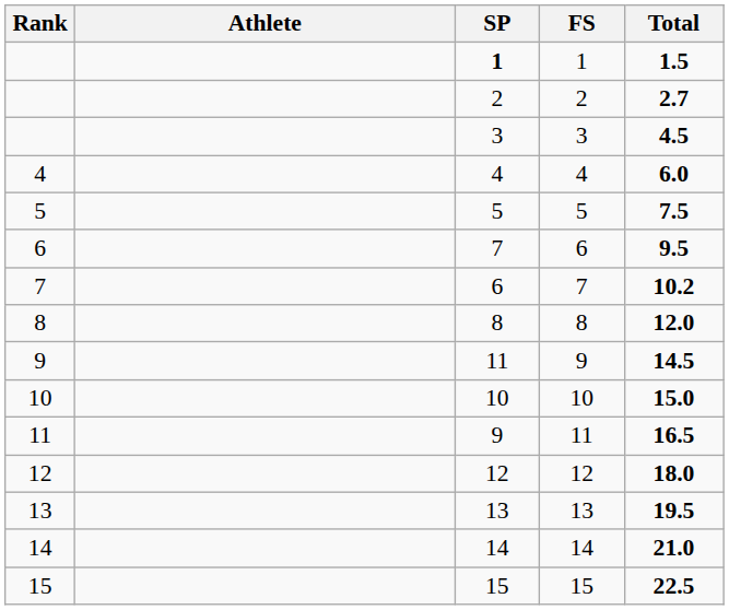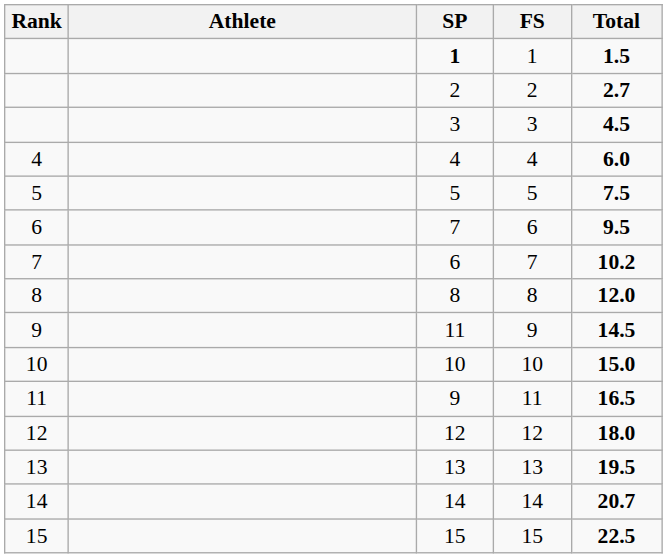 <table class=wikitable style="text-align:center">
 <tr>
 <th width=40>Rank</th>
 <th width=250>Athlete</th>
 <th width=50>SP</th>
 <th width=50>FS</th>
 <th width=60>Total</th>
 </tr>
 <tr>
 <td></td>
 <td align=left></td>
 <td><strong>1</strong></td>
 <td>1</td>
 <td><strong>1.5</strong></td>
 </tr>
 <tr>
 <td></td>
 <td align=left></td>
 <td>2</td>
 <td>2</td>
 <td><strong>2.7</strong></td>
 </tr>
 <tr>
 <td></td>
 <td align=left></td>
 <td>3</td>
 <td>3</td>
 <td><strong>4.5</strong></td>
 </tr>
 <tr>
 <td>4</td>
 <td align=left></td>
 <td>4</td>
 <td>4</td>
 <td><strong>6.0</strong></td>
 </tr>
 <tr>
 <td>5</td>
 <td align=left></td>
 <td>5</td>
 <td>5</td>
 <td><strong>7.5</strong></td>
 </tr>
 <tr>
 <td>6</td>
 <td align=left></td>
 <td>7</td>
 <td>6</td>
 <td><strong>9.5</strong></td>
 </tr>
 <tr>
 <td>7</td>
 <td align=left></td>
 <td>6</td>
 <td>7</td>
 <td><strong>10.2</strong></td>
 </tr>
 <tr>
 <td>8</td>
 <td align=left></td>
 <td>8</td>
 <td>8</td>
 <td><strong>12.0</strong></td>
 </tr>
 <tr>
 <td>9</td>
 <td align=left></td>
 <td>11</td>
 <td>9</td>
 <td><strong>14.5</strong></td>
 </tr>
 <tr>
 <td>10</td>
 <td align=left></td>
 <td>10</td>
 <td>10</td>
 <td><strong>15.0</strong></td>
 </tr>
 <tr>
 <td>11</td>
 <td align=left></td>
 <td>9</td>
 <td>11</td>
 <td><strong>16.5</strong></td>
 </tr>
 <tr>
 <td>12</td>
 <td align=left></td>
 <td>12</td>
 <td>12</td>
 <td><strong>18.0</strong></td>
 </tr>
 <tr>
 <td>13</td>
 <td align=left></td>
 <td>13</td>
 <td>13</td>
 <td><strong>19.5</strong></td>
 </tr>
 <tr>
 <td>14</td>
 <td align=left></td>
 <td>14</td>
 <td>14</td>
-<td><strong>21.0</strong></td>
+<td><strong>20.7</strong></td>
 </tr>
 <tr>
 <td>15</td>
 <td align=left></td>
 <td>15</td>
 <td>15</td>
 <td><strong>22.5</strong></td>
 </tr>
 </table>
